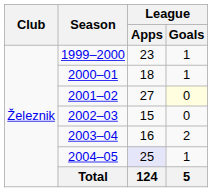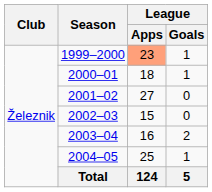 <table class="wikitable" style="text-align:center">
 <tr>
 <th rowspan="2">Club</th>
 <th rowspan="2">Season</th>
 <th colspan="2">League</th>
 </tr>
 <tr>
 <th>Apps</th>
 <th>Goals</th>
 </tr>
 <tr>
 <td rowspan="7"><a href='#'>Železnik</a></td>
 <td><a href='#'>1999–2000</a></td>
-<td>23</td>
+<td style="background: lightsalmon;">23</td>
 <td>1</td>
 </tr>
 <tr>
 <td><a href='#'>2000–01</a></td>
 <td>18</td>
 <td>1</td>
 </tr>
 <tr>
 <td><a href='#'>2001–02</a></td>
 <td>27</td>
-<td style="background: lightyellow;">0</td>
+<td>0</td>
 </tr>
 <tr>
 <td><a href='#'>2002–03</a></td>
 <td>15</td>
 <td>0</td>
 </tr>
 <tr>
 <td><a href='#'>2003–04</a></td>
 <td>16</td>
 <td>2</td>
 </tr>
 <tr>
 <td><a href='#'>2004–05</a></td>
-<td style="background: lavender;">25</td>
+<td>25</td>
 <td>1</td>
 </tr>
 <tr>
 <th>Total</th>
 <th>124</th>
 <th>5</th>
 </tr>
 </table>
